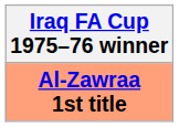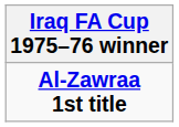 <table class="wikitable" style="text-align: center; margin: 0 auto;">
 <tr>
 <th><a href='#'>Iraq FA Cup</a><br>1975–76 winner</th>
 </tr>
 <tr>
-<td style="background: lightsalmon;"><strong><a href='#'>Al-Zawraa</a></strong><br><strong>1st title</strong></td>
+<td><strong><a href='#'>Al-Zawraa</a></strong><br><strong>1st title</strong></td>
 </tr>
 </table>
